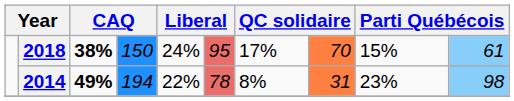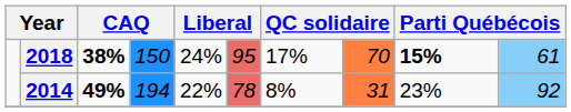 <table class="wikitable" style="float:right; width:400; font-size:90%; margin-left:1em;">
 <tr>
 <th colspan="2" scope="col">Year</th>
 <th colspan="2" scope="col"><a href='#'>CAQ</a></th>
 <th colspan="2" scope="col"><a href='#'>Liberal</a></th>
 <th colspan="2" scope="col"><a href='#'>QC solidaire</a></th>
 <th colspan="2" scope="col"><a href='#'>Parti Québécois</a></th>
 </tr>
 <tr>
 <td rowspan="2" style="width: 0.25em; background-color: "></td>
 <th><a href='#'>2018</a></th>
 <td><strong>38%</strong></td>
 <td style="text-align:right; background:#1E90FF;"><em>150</em></td>
 <td>24%</td>
 <td style="text-align:right; background:#EA6D6A;"><em>95</em></td>
 <td>17%</td>
 <td style="text-align:right; background:#FF8040;"><em>70</em></td>
-<td>15%</td>
+<td><strong>15%</strong></td>
 <td style="text-align:right; background:#87CEFA;"><em>61</em></td>
 </tr>
 <tr>
 <th><a href='#'>2014</a></th>
 <td><strong>49%</strong></td>
 <td style="text-align:right; background:#1E90FF;"><em>194</em></td>
 <td>22%</td>
 <td style="text-align:right; background:#EA6D6A;"><em>78</em></td>
 <td>8%</td>
 <td style="text-align:right; background:#FF8040;"><em>31</em></td>
 <td>23%</td>
-<td style="text-align:right; background:#87CEFA;"><em>98</em></td>
+<td style="text-align:right; background:#87CEFA;"><em>92</em></td>
 </tr>
 <tr>
 </tr>
 </table>
